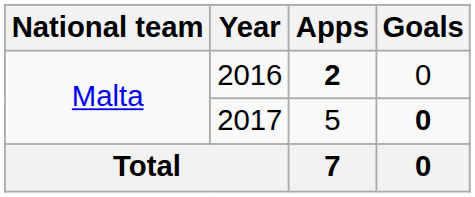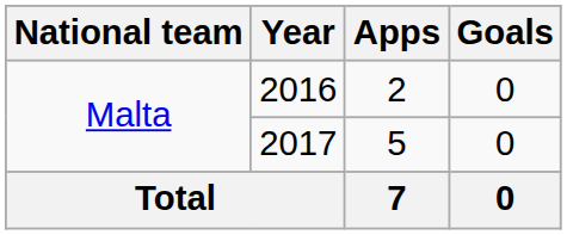 <table class=wikitable style="text-align: center;">
 <tr>
 <th>National team</th>
 <th>Year</th>
 <th>Apps</th>
 <th>Goals</th>
 </tr>
 <tr>
 <td rowspan=2><a href='#'>Malta</a></td>
 <td>2016</td>
-<td><strong>2</strong></td>
+<td>2</td>
 <td>0</td>
 </tr>
 <tr>
 <td>2017</td>
 <td>5</td>
-<td><strong>0</strong></td>
+<td>0</td>
 </tr>
 <tr>
 <th colspan=2>Total</th>
 <th>7</th>
 <th>0</th>
 </tr>
 </table>
